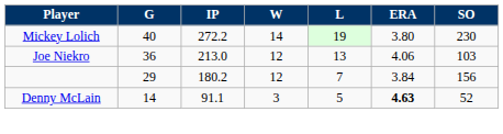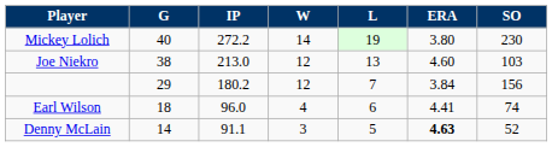 <table class="wikitable sortable">
 <tr>
 <th style="background:#003366;color:white;" width="16%">Player</th>
 <th style="background:#003366;color:white;" width="9%">G</th>
 <th style="background:#003366;color:white;" width="9%">IP</th>
 <th style="background:#003366;color:white;" width="9%">W</th>
 <th style="background:#003366;color:white;" width="9%">L</th>
 <th style="background:#003366;color:white;" width="9%">ERA</th>
 <th style="background:#003366;color:white;" width="9%">SO</th>
 </tr>
 <tr align="center">
 <td><a href='#'>Mickey Lolich</a></td>
 <td>40</td>
 <td>272.2</td>
 <td>14</td>
 <td style="background:#DDFFDD;">19</td>
 <td>3.80</td>
 <td>230</td>
 </tr>
 <tr align="center">
 <td><a href='#'>Joe Niekro</a></td>
-<td>36</td>
+<td>38</td>
 <td>213.0</td>
 <td>12</td>
 <td>13</td>
-<td>4.06</td>
+<td>4.60</td>
 <td>103</td>
 </tr>
 <tr align="center">
 <td></td>
 <td>29</td>
 <td>180.2</td>
 <td>12</td>
 <td>7</td>
 <td>3.84</td>
 <td>156</td>
 </tr>
 <tr align="center">
+<td><a href='#'>Earl Wilson</a></td>
+<td>18</td>
+<td>96.0</td>
+<td>4</td>
+<td>6</td>
+<td>4.41</td>
+<td>74</td>
+</tr>
+<tr align="center">
 <td><a href='#'>Denny McLain</a></td>
 <td>14</td>
 <td>91.1</td>
 <td>3</td>
 <td>5</td>
 <td><strong>4.63</strong></td>
 <td>52</td>
 </tr>
 </table>
